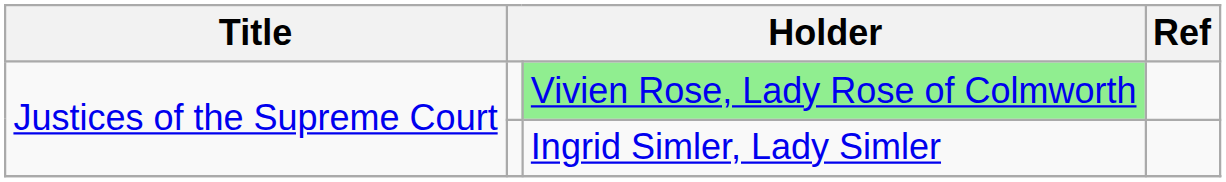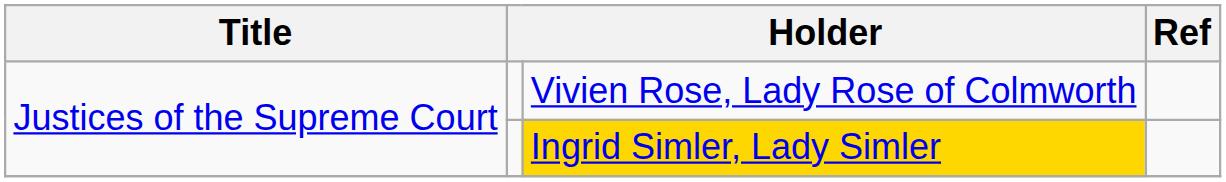 <table class="wikitable">
 <tr>
 <th>Title</th>
 <th colspan=2>Holder</th>
 <th>Ref</th>
 </tr>
 <tr>
 <td rowspan=2><a href='#'>Justices of the Supreme Court</a></td>
 <td style="background: "></td>
-<td style="background: lightgreen;"><a href='#'>Vivien Rose, Lady Rose of Colmworth</a></td>
+<td><a href='#'>Vivien Rose, Lady Rose of Colmworth</a></td>
 <td></td>
 </tr>
 <tr>
 <td style="background: "></td>
-<td><a href='#'>Ingrid Simler, Lady Simler</a></td>
+<td style="background: gold;"><a href='#'>Ingrid Simler, Lady Simler</a></td>
 <td></td>
 </tr>
 <tr>
 </tr>
 </table>
